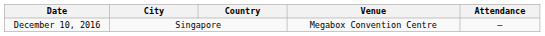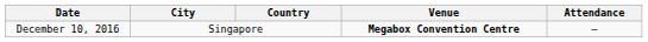 <table class="wikitable" style="text-align:center;">
 <tr>
 <th scope="col" style="width:12em">Date</th>
 <th scope="col" style="width:10em">City</th>
 <th scope="col" style="width:10em">Country</th>
 <th scope="col" style="width:20em">Venue</th>
 <th scope="col" style="width:9em">Attendance</th>
 </tr>
 <tr>
 <td>December 10, 2016</td>
 <td colspan=2>Singapore</td>
-<td>Megabox Convention Centre</td>
+<td><strong>Megabox Convention Centre</strong></td>
 <td>—</td>
 </tr>
 </table>
